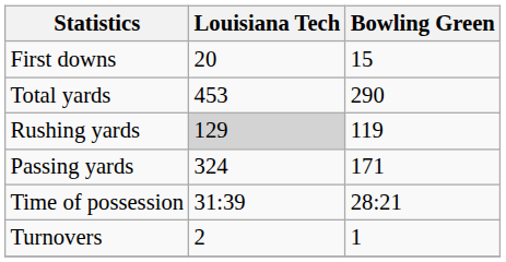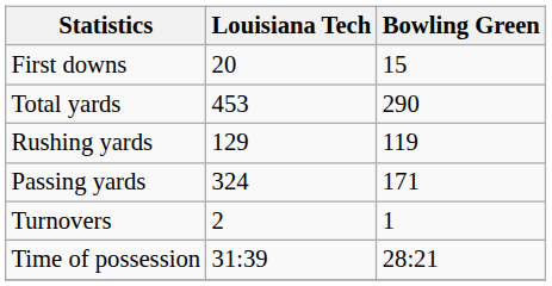 <table class="wikitable" style="float: left;">
 <tr>
 <th>Statistics</th>
 <th>Louisiana Tech</th>
 <th>Bowling Green</th>
 </tr>
 <tr>
 <td>First downs</td>
 <td>20</td>
 <td>15</td>
 </tr>
 <tr>
 <td>Total yards</td>
 <td>453</td>
 <td>290</td>
 </tr>
 <tr>
 <td>Rushing yards</td>
-<td style="background: lightgrey;">129</td>
+<td>129</td>
 <td>119</td>
 </tr>
 <tr>
 <td>Passing yards</td>
 <td>324</td>
 <td>171</td>
 </tr>
 <tr>
+<td>Turnovers</td>
+<td>2</td>
+<td>1</td>
+</tr>
+<tr>
 <td>Time of possession</td>
 <td>31:39</td>
 <td>28:21</td>
 </tr>
 <tr>
-<td>Turnovers</td>
-<td>2</td>
-<td>1</td>
-</tr>
-<tr>
 </tr>
 </table>
